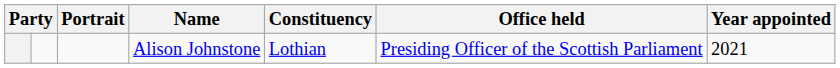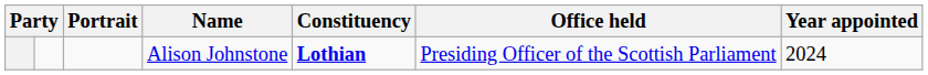 <table class="wikitable sortable">
 <tr>
 <th colspan=2>Party</th>
 <th>Portrait</th>
 <th>Name</th>
 <th>Constituency</th>
 <th>Office held</th>
 <th>Year appointed</th>
 </tr>
 <tr>
 <th style="background-color: "></th>
 <td></td>
 <td></td>
 <td><a href='#'>Alison Johnstone</a></td>
-<td><a href='#'>Lothian</a></td>
+<td><strong><a href='#'>Lothian</a></strong></td>
 <td><a href='#'>Presiding Officer of the Scottish Parliament</a></td>
-<td>2021</td>
+<td>2024</td>
 </tr>
 </table>
